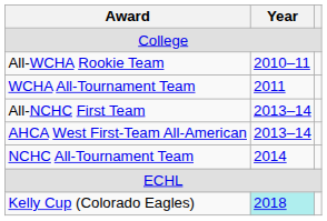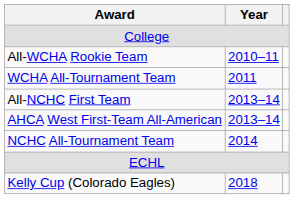 <table class="wikitable">
 <tr>
 <th>Award</th>
 <th>Year</th>
 <th></th>
 </tr>
 <tr ALIGN="center" bgcolor="#e0e0e0">
 <td colspan="3"><a href='#'>College</a></td>
 </tr>
 <tr>
 <td>All-<a href='#'>WCHA</a> <a href='#'>Rookie Team</a></td>
 <td><a href='#'>2010–11</a></td>
 <td></td>
 </tr>
 <tr>
 <td><a href='#'>WCHA</a> <a href='#'>All-Tournament Team</a></td>
 <td><a href='#'>2011</a></td>
 <td></td>
 </tr>
 <tr>
 <td>All-<a href='#'>NCHC</a> <a href='#'>First Team</a></td>
 <td><a href='#'>2013–14</a></td>
 <td></td>
 </tr>
 <tr>
 <td><a href='#'>AHCA</a> <a href='#'>West First-Team All-American</a></td>
 <td><a href='#'>2013–14</a></td>
 <td></td>
 </tr>
 <tr>
 <td><a href='#'>NCHC</a> <a href='#'>All-Tournament Team</a></td>
 <td><a href='#'>2014</a></td>
 <td></td>
 </tr>
 <tr ALIGN="center" bgcolor="#e0e0e0">
 <td colspan="3"><a href='#'>ECHL</a></td>
 </tr>
 <tr>
 <td><a href='#'>Kelly Cup</a> (Colorado Eagles)</td>
-<td style="background: paleturquoise;"><a href='#'>2018</a></td>
+<td><a href='#'>2018</a></td>
 <td></td>
 </tr>
 </table>
